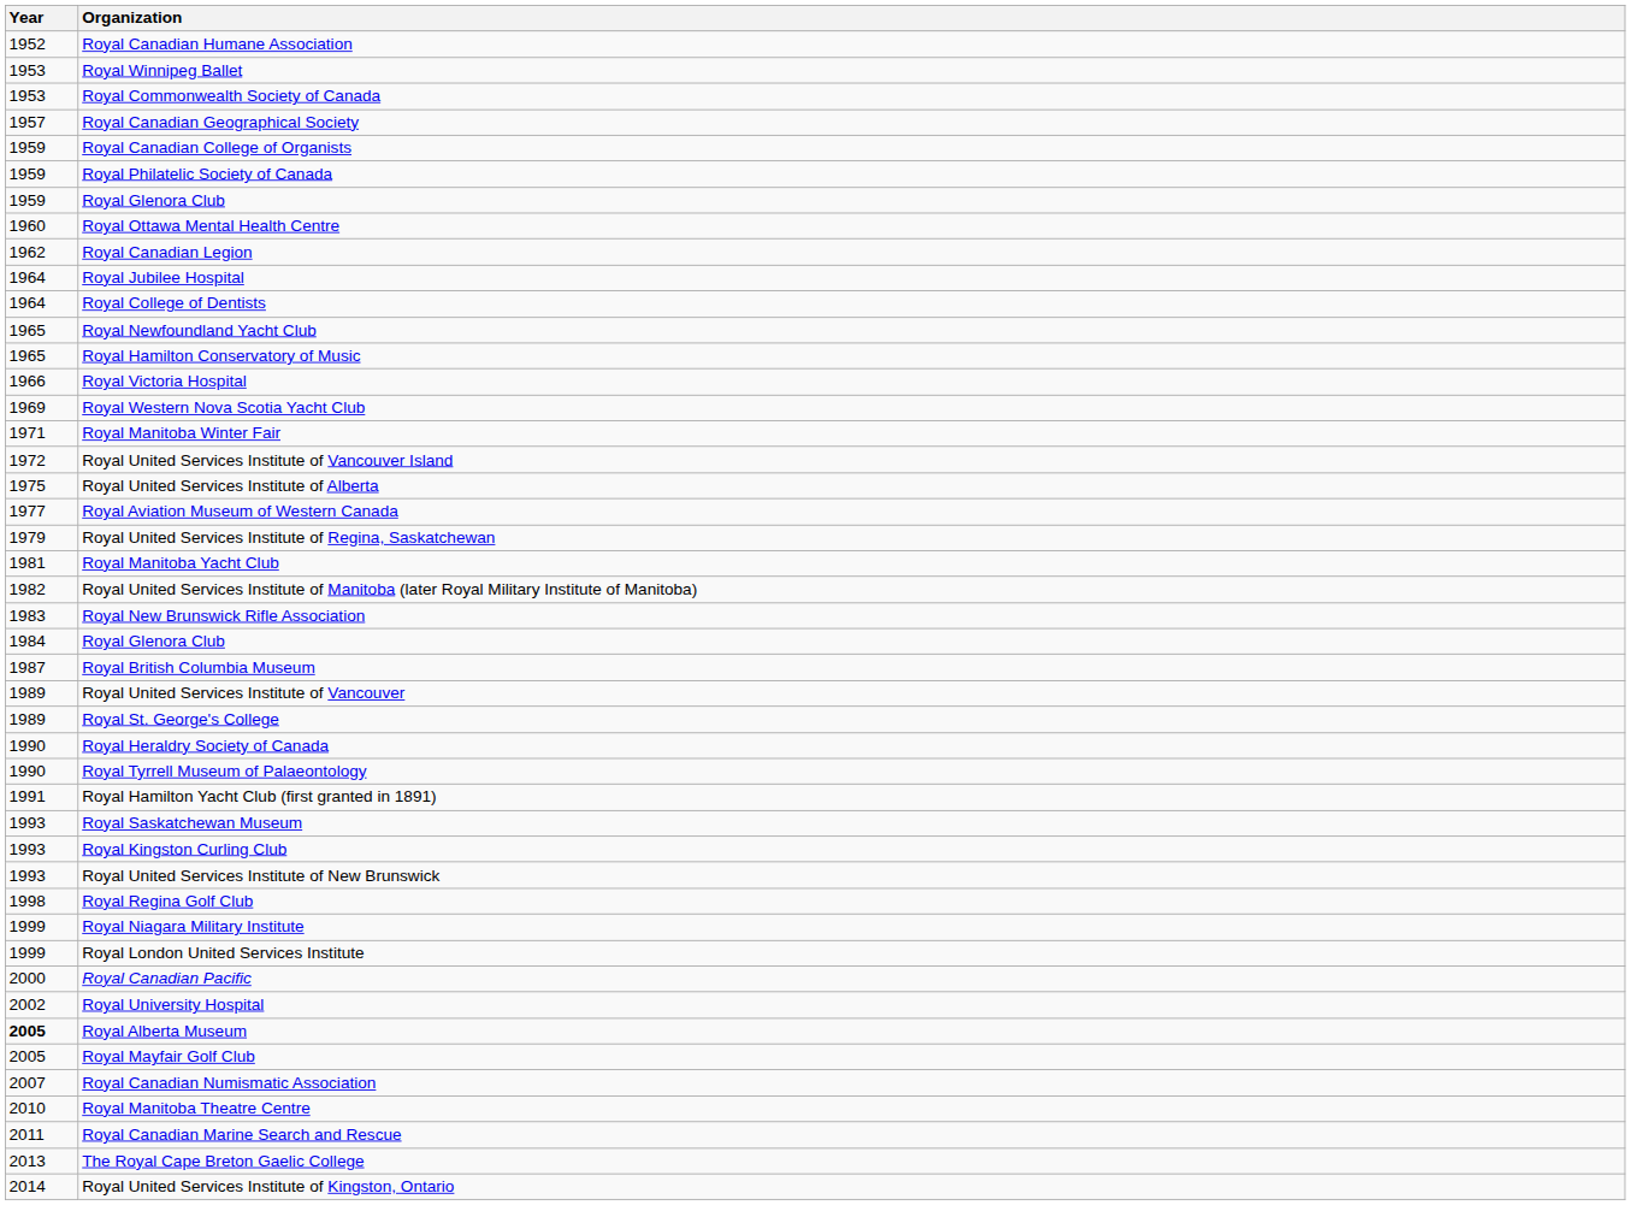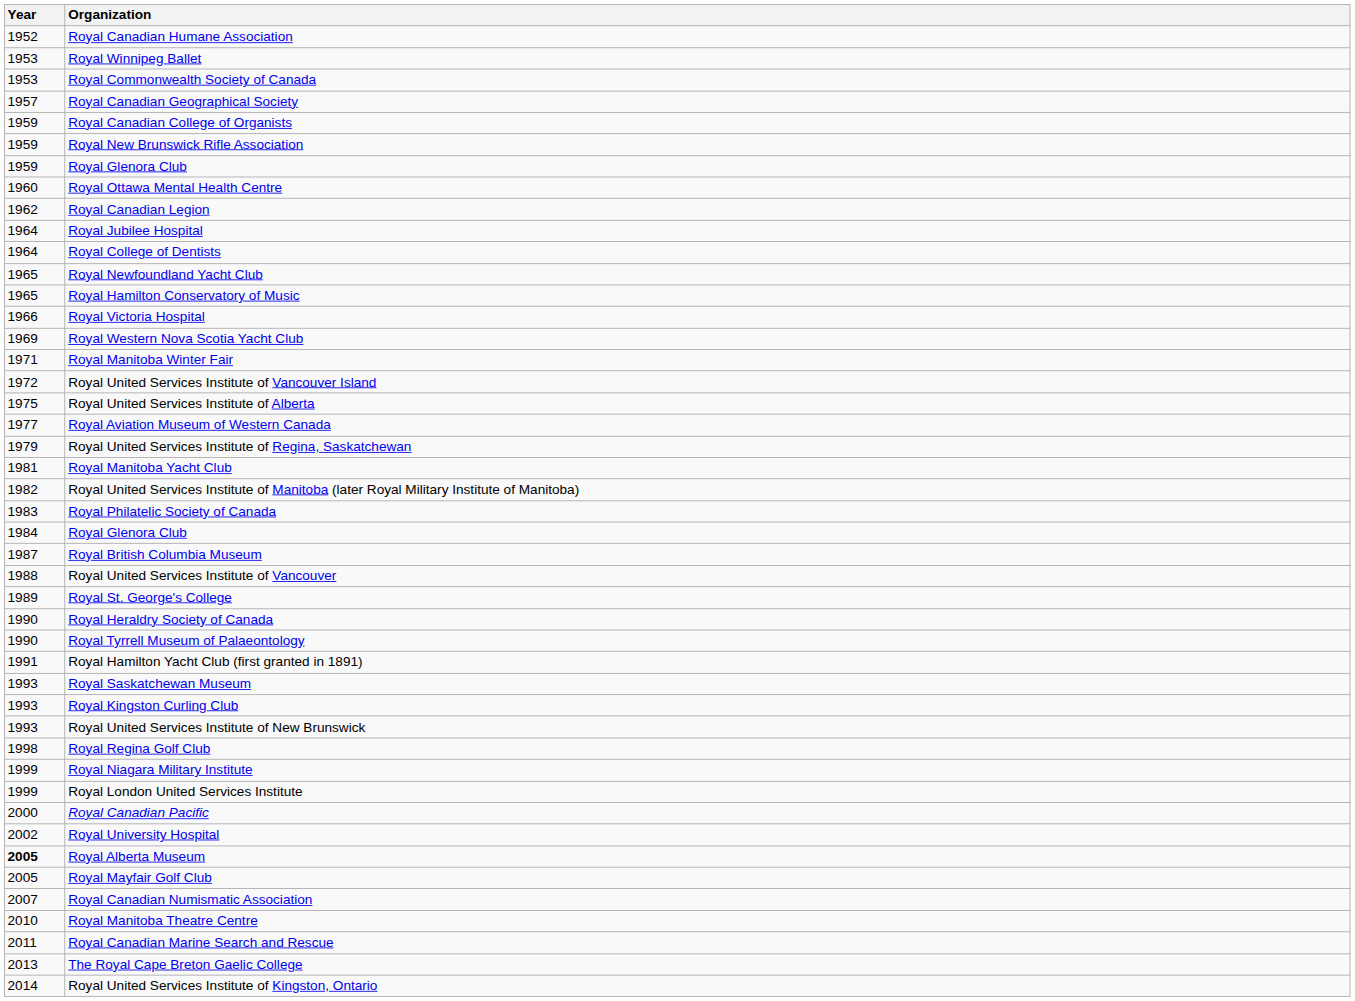 <table class="wikitable" style="width:100%">
 <tr>
 <th style="width:4em;text-align:left">Year</th>
 <th style="text-align:left">Organization</th>
 </tr>
 <tr>
 <td>1952</td>
 <td><a href='#'>Royal Canadian Humane Association</a></td>
 </tr>
 <tr>
 <td>1953</td>
 <td><a href='#'>Royal Winnipeg Ballet</a></td>
 </tr>
 <tr>
 <td>1953</td>
 <td><a href='#'>Royal Commonwealth Society of Canada</a></td>
 </tr>
 <tr>
 <td>1957</td>
 <td><a href='#'>Royal Canadian Geographical Society</a></td>
 </tr>
 <tr>
 <td>1959</td>
 <td><a href='#'>Royal Canadian College of Organists</a></td>
 </tr>
 <tr>
 <td>1959</td>
-<td><a href='#'>Royal Philatelic Society of Canada</a></td>
+<td><a href='#'>Royal New Brunswick Rifle Association</a></td>
 </tr>
 <tr>
 <td>1959</td>
 <td><a href='#'>Royal Glenora Club</a></td>
 </tr>
 <tr>
 <td>1960</td>
 <td><a href='#'>Royal Ottawa Mental Health Centre</a></td>
 </tr>
 <tr>
 <td>1962</td>
 <td><a href='#'>Royal Canadian Legion</a></td>
 </tr>
 <tr>
 <td>1964</td>
 <td><a href='#'>Royal Jubilee Hospital</a></td>
 </tr>
 <tr>
 <td>1964</td>
 <td><a href='#'>Royal College of Dentists</a></td>
 </tr>
 <tr>
 <td>1965</td>
 <td><a href='#'>Royal Newfoundland Yacht Club</a></td>
 </tr>
 <tr>
 <td>1965</td>
 <td><a href='#'>Royal Hamilton Conservatory of Music</a></td>
 </tr>
 <tr>
 <td>1966</td>
 <td><a href='#'>Royal Victoria Hospital</a></td>
 </tr>
 <tr>
 <td>1969</td>
 <td><a href='#'>Royal Western Nova Scotia Yacht Club</a></td>
 </tr>
 <tr>
 <td>1971</td>
 <td><a href='#'>Royal Manitoba Winter Fair</a></td>
 </tr>
 <tr>
 <td>1972</td>
 <td>Royal United Services Institute of <a href='#'>Vancouver Island</a></td>
 </tr>
 <tr>
 <td>1975</td>
 <td>Royal United Services Institute of <a href='#'>Alberta</a></td>
 </tr>
 <tr>
 <td>1977</td>
 <td><a href='#'>Royal Aviation Museum of Western Canada</a></td>
 </tr>
 <tr>
 <td>1979</td>
 <td>Royal United Services Institute of <a href='#'>Regina, Saskatchewan</a></td>
 </tr>
 <tr>
 <td>1981</td>
 <td><a href='#'>Royal Manitoba Yacht Club</a></td>
 </tr>
 <tr>
 <td>1982</td>
 <td>Royal United Services Institute of <a href='#'>Manitoba</a> (later Royal Military Institute of Manitoba)</td>
 </tr>
 <tr>
 <td>1983</td>
-<td><a href='#'>Royal New Brunswick Rifle Association</a></td>
+<td><a href='#'>Royal Philatelic Society of Canada</a></td>
 </tr>
 <tr>
 <td>1984</td>
 <td><a href='#'>Royal Glenora Club</a></td>
 </tr>
 <tr>
 <td>1987</td>
 <td><a href='#'>Royal British Columbia Museum</a></td>
 </tr>
 <tr>
-<td>1989</td>
+<td>1988</td>
 <td>Royal United Services Institute of <a href='#'>Vancouver</a></td>
 </tr>
 <tr>
 <td>1989</td>
 <td><a href='#'>Royal St. George's College</a></td>
 </tr>
 <tr>
 <td>1990</td>
 <td><a href='#'>Royal Heraldry Society of Canada</a></td>
 </tr>
 <tr>
 <td>1990</td>
 <td><a href='#'>Royal Tyrrell Museum of Palaeontology</a></td>
 </tr>
 <tr>
 <td>1991</td>
 <td>Royal Hamilton Yacht Club (first granted in 1891)</td>
 </tr>
 <tr>
 <td>1993</td>
 <td><a href='#'>Royal Saskatchewan Museum</a></td>
 </tr>
 <tr>
 <td>1993</td>
 <td><a href='#'>Royal Kingston Curling Club</a></td>
 </tr>
 <tr>
 <td>1993</td>
 <td>Royal United Services Institute of New Brunswick</td>
 </tr>
 <tr>
 <td>1998</td>
 <td><a href='#'>Royal Regina Golf Club</a></td>
 </tr>
 <tr>
 <td>1999</td>
 <td><a href='#'>Royal Niagara Military Institute</a></td>
 </tr>
 <tr>
 <td>1999</td>
 <td>Royal London United Services Institute</td>
 </tr>
 <tr>
 <td>2000</td>
 <td><em><a href='#'>Royal Canadian Pacific</a></em></td>
 </tr>
 <tr>
 <td>2002</td>
 <td><a href='#'>Royal University Hospital</a></td>
 </tr>
 <tr>
 <td><strong>2005</strong></td>
 <td><a href='#'>Royal Alberta Museum</a></td>
 </tr>
 <tr>
 <td>2005</td>
 <td><a href='#'>Royal Mayfair Golf Club</a></td>
 </tr>
 <tr>
 <td>2007</td>
 <td><a href='#'>Royal Canadian Numismatic Association</a></td>
 </tr>
 <tr>
 <td>2010</td>
 <td><a href='#'>Royal Manitoba Theatre Centre</a></td>
 </tr>
 <tr>
 <td>2011</td>
 <td><a href='#'>Royal Canadian Marine Search and Rescue</a></td>
 </tr>
 <tr>
 <td>2013</td>
 <td><a href='#'>The Royal Cape Breton Gaelic College</a></td>
 </tr>
 <tr>
 <td>2014</td>
 <td>Royal United Services Institute of <a href='#'>Kingston, Ontario</a></td>
 </tr>
 </table>
